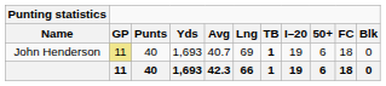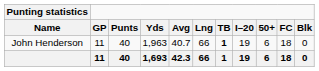 <table class="wikitable sortable" style="text-align:center;">
 <tr>
 <th style="text-align:center; ">Punting statistics</th>
 </tr>
 <tr>
 <th>Name</th>
 <th>GP</th>
 <th>Punts</th>
 <th>Yds</th>
 <th>Avg</th>
 <th>Lng</th>
 <th>TB</th>
 <th>I–20</th>
 <th>50+</th>
 <th>FC</th>
 <th>Blk</th>
 </tr>
 <tr>
 <td>John Henderson</td>
-<td style="background: khaki;">11</td>
+<td>11</td>
 <td>40</td>
-<td>1,693</td>
+<td>1,963</td>
 <td>40.7</td>
-<td>69</td>
+<td>66</td>
 <td><strong>1</strong></td>
 <td>19</td>
 <td>6</td>
 <td>18</td>
 <td>0</td>
 </tr>
 <tr>
 <th colspan="1"></th>
 <th>11</th>
 <th>40</th>
 <th>1,693</th>
 <th>42.3</th>
 <th>66</th>
 <th>1</th>
 <th>19</th>
 <th>6</th>
 <th>18</th>
 <th>0</th>
 </tr>
 </table>
